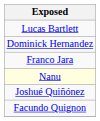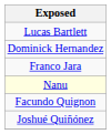 <table class="wikitable" style="text-align:center">
 <tr>
 <th>Exposed</th>
 </tr>
 <tr>
 <td><a href='#'>Lucas Bartlett</a></td>
 </tr>
 <tr>
 <td><a href='#'>Dominick Hernandez</a></td>
 </tr>
 <tr>
 <td><a href='#'>Franco Jara</a></td>
 </tr>
 <tr>
 <td style="background: lightyellow;"><a href='#'>Nanu</a></td>
 </tr>
 <tr>
-<td><a href='#'>Joshué Quiñónez</a></td>
+<td><a href='#'>Facundo Quignon</a></td>
 </tr>
 <tr>
-<td><a href='#'>Facundo Quignon</a></td>
+<td><a href='#'>Joshué Quiñónez</a></td>
 </tr>
 <tr>
 </tr>
 </table>
